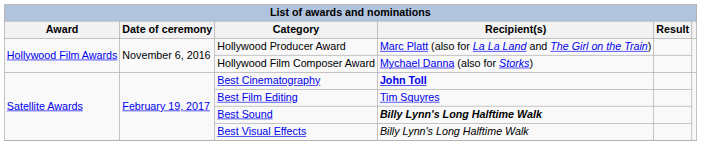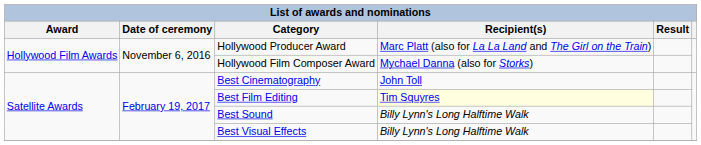 <table class="wikitable sortable">
 <tr style="background:#ccc; text-align:center;">
 <th colspan="6" style="background: LightSteelBlue;">List of awards and nominations</th>
 </tr>
 <tr style="background:#ccc; text-align:center;">
 <th>Award</th>
 <th>Date of ceremony</th>
 <th>Category</th>
 <th>Recipient(s)</th>
 <th>Result</th>
 <th></th>
 </tr>
 <tr>
 <td rowspan="2"><a href='#'>Hollywood Film Awards</a></td>
 <td rowspan="2">November 6, 2016</td>
 <td>Hollywood Producer Award</td>
 <td><a href='#'>Marc Platt</a> (also for <em><a href='#'>La La Land</a></em> and <em><a href='#'>The Girl on the Train</a></em>)</td>
 <td></td>
 <td rowspan="2"></td>
 </tr>
 <tr>
 <td>Hollywood Film Composer Award</td>
 <td><a href='#'>Mychael Danna</a> (also for <em><a href='#'>Storks</a></em>)</td>
 <td></td>
 </tr>
 <tr>
 <td rowspan="4"><a href='#'>Satellite Awards</a></td>
 <td rowspan="4"><a href='#'>February 19, 2017</a></td>
 <td><a href='#'>Best Cinematography</a></td>
-<td><strong><a href='#'>John Toll</a></strong></td>
+<td><a href='#'>John Toll</a></td>
 <td></td>
 <td rowspan="4"></td>
 </tr>
 <tr>
 <td><a href='#'>Best Film Editing</a></td>
-<td><a href='#'>Tim Squyres</a></td>
+<td style="background: lightyellow;"><a href='#'>Tim Squyres</a></td>
 <td></td>
 </tr>
 <tr>
 <td><a href='#'>Best Sound</a></td>
-<td><strong><em>Billy Lynn's Long Halftime Walk</em></strong></td>
+<td><em>Billy Lynn's Long Halftime Walk</em></td>
 <td></td>
 </tr>
 <tr>
 <td><a href='#'>Best Visual Effects</a></td>
 <td><em>Billy Lynn's Long Halftime Walk</em></td>
 <td></td>
 </tr>
 <tr>
 </tr>
 </table>
